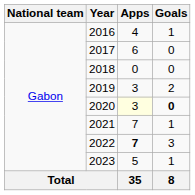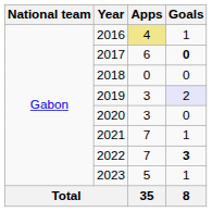 <table class="wikitable" style="text-align:center">
 <tr>
 <th>National team</th>
 <th>Year</th>
 <th>Apps</th>
 <th>Goals</th>
 </tr>
 <tr>
 <td rowspan="8"><a href='#'>Gabon</a></td>
 <td>2016</td>
-<td>4</td>
+<td style="background: khaki;">4</td>
 <td>1</td>
 </tr>
 <tr>
 <td>2017</td>
 <td>6</td>
-<td>0</td>
+<td><strong>0</strong></td>
 </tr>
 <tr>
 <td>2018</td>
 <td>0</td>
 <td>0</td>
 </tr>
 <tr>
 <td>2019</td>
 <td>3</td>
-<td>2</td>
+<td style="background: lavender;">2</td>
 </tr>
 <tr>
 <td>2020</td>
-<td style="background: lightyellow;">3</td>
-<td><strong>0</strong></td>
+<td>3</td>
+<td>0</td>
 </tr>
 <tr>
 <td>2021</td>
 <td>7</td>
 <td>1</td>
 </tr>
 <tr>
 <td>2022</td>
-<td><strong>7</strong></td>
-<td>3</td>
+<td>7</td>
+<td><strong>3</strong></td>
 </tr>
 <tr>
 <td>2023</td>
 <td>5</td>
 <td>1</td>
 </tr>
 <tr>
 <th colspan="2">Total</th>
 <th>35</th>
 <th>8</th>
 </tr>
 </table>
